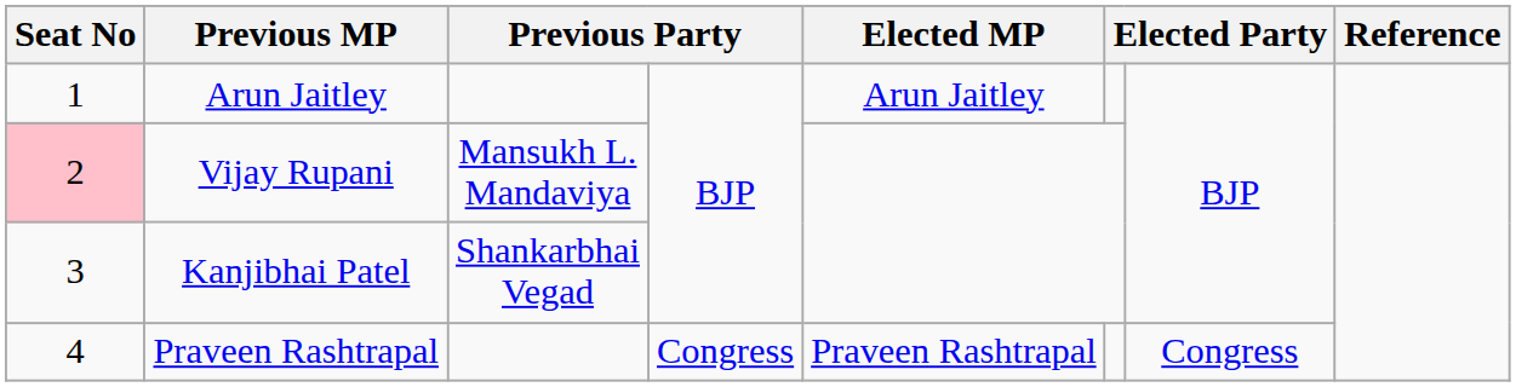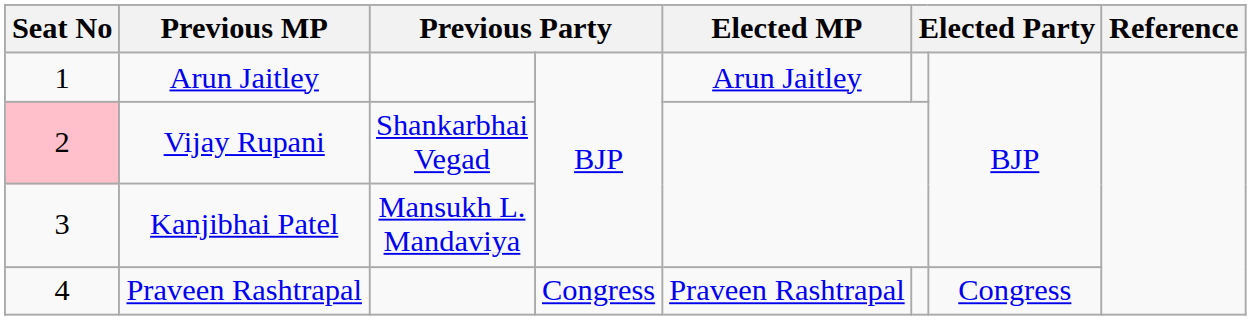 <table class="wikitable">
 <tr>
 <th>Seat No</th>
 <th>Previous MP</th>
 <th colspan=2>Previous Party</th>
 <th>Elected MP</th>
 <th colspan=2>Elected Party</th>
 <th>Reference</th>
 </tr>
 <tr style="text-align:center;">
 <td>1</td>
 <td><a href='#'>Arun Jaitley</a></td>
 <td width="1px"></td>
 <td rowspan=3><a href='#'>BJP</a></td>
 <td><a href='#'>Arun Jaitley</a></td>
 <td width="1px"></td>
 <td rowspan=3><a href='#'>BJP</a></td>
 <td rowspan=4></td>
 </tr>
 <tr style="text-align:center;">
 <td style="background: pink;">2</td>
 <td><a href='#'>Vijay Rupani</a></td>
-<td><a href='#'>Mansukh L. Mandaviya</a></td>
+<td><a href='#'>Shankarbhai Vegad</a></td>
 </tr>
 <tr style="text-align:center;">
 <td>3</td>
 <td><a href='#'>Kanjibhai Patel</a></td>
-<td><a href='#'>Shankarbhai Vegad</a></td>
+<td><a href='#'>Mansukh L. Mandaviya</a></td>
 </tr>
 <tr style="text-align:center;">
 <td>4</td>
 <td><a href='#'>Praveen Rashtrapal</a></td>
 <td width="1px"></td>
 <td><a href='#'>Congress</a></td>
 <td><a href='#'>Praveen Rashtrapal</a></td>
 <td width="1px"></td>
 <td><a href='#'>Congress</a></td>
 </tr>
 </table>
